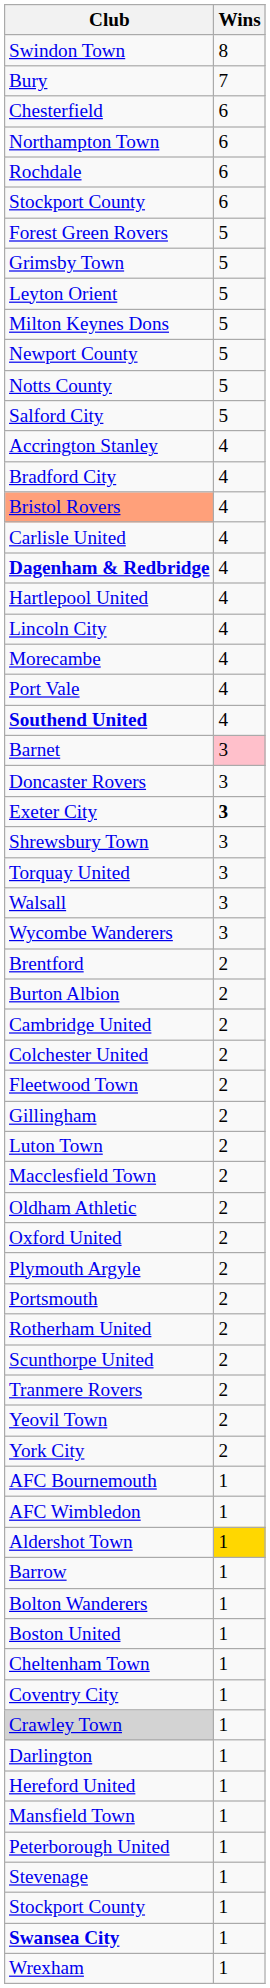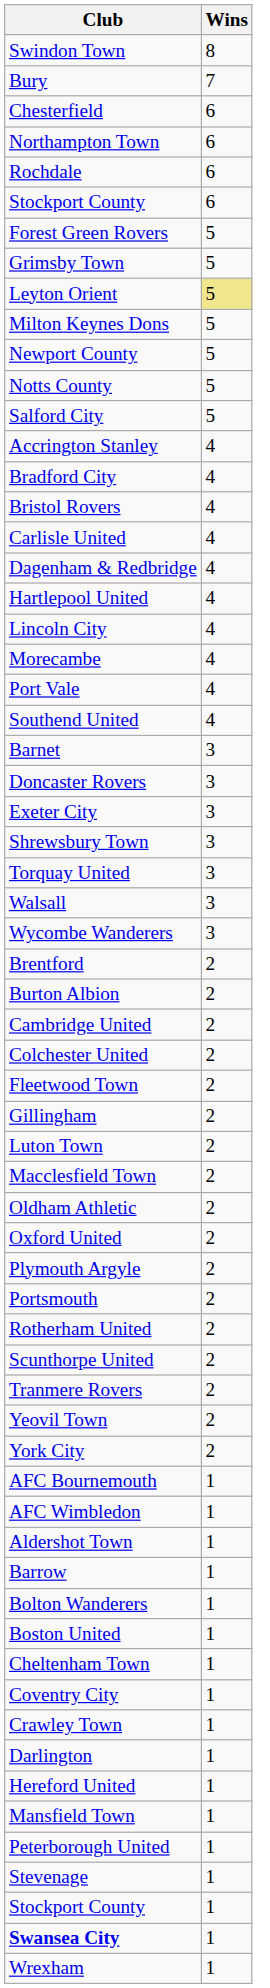 <table class="wikitable sortable" style="border-collapse:collapse">
 <tr>
 <th>Club</th>
 <th data-sort-type=number>Wins</th>
 </tr>
 <tr>
 <td><a href='#'>Swindon Town</a></td>
 <td>8</td>
 </tr>
 <tr>
 <td><a href='#'>Bury</a></td>
 <td>7</td>
 </tr>
 <tr>
 <td><a href='#'>Chesterfield</a></td>
 <td>6</td>
 </tr>
 <tr>
 <td><a href='#'>Northampton Town</a></td>
 <td>6</td>
 </tr>
 <tr>
 <td><a href='#'>Rochdale</a></td>
 <td>6</td>
 </tr>
 <tr>
 <td><a href='#'>Stockport County</a></td>
 <td>6</td>
 </tr>
 <tr>
 <td><a href='#'>Forest Green Rovers</a></td>
 <td>5</td>
 </tr>
 <tr>
 <td><a href='#'>Grimsby Town</a></td>
 <td>5</td>
 </tr>
 <tr>
 <td><a href='#'>Leyton Orient</a></td>
-<td>5</td>
+<td style="background: khaki;">5</td>
 </tr>
 <tr>
 <td><a href='#'>Milton Keynes Dons</a></td>
 <td>5</td>
 </tr>
 <tr>
 <td><a href='#'>Newport County</a></td>
 <td>5</td>
 </tr>
 <tr>
 <td><a href='#'>Notts County</a></td>
 <td>5</td>
 </tr>
 <tr>
 <td><a href='#'>Salford City</a></td>
 <td>5</td>
 </tr>
 <tr>
 <td><a href='#'>Accrington Stanley</a></td>
 <td>4</td>
 </tr>
 <tr>
 <td><a href='#'>Bradford City</a></td>
 <td>4</td>
 </tr>
 <tr>
-<td style="background: lightsalmon;"><a href='#'>Bristol Rovers</a></td>
+<td><a href='#'>Bristol Rovers</a></td>
 <td>4</td>
 </tr>
 <tr>
 <td><a href='#'>Carlisle United</a></td>
 <td>4</td>
 </tr>
 <tr>
-<td><strong><a href='#'>Dagenham & Redbridge</a></strong></td>
+<td><a href='#'>Dagenham & Redbridge</a></td>
 <td>4</td>
 </tr>
 <tr>
 <td><a href='#'>Hartlepool United</a></td>
 <td>4</td>
 </tr>
 <tr>
 <td><a href='#'>Lincoln City</a></td>
 <td>4</td>
 </tr>
 <tr>
 <td><a href='#'>Morecambe</a></td>
 <td>4</td>
 </tr>
 <tr>
 <td><a href='#'>Port Vale</a></td>
 <td>4</td>
 </tr>
 <tr>
-<td><strong><a href='#'>Southend United</a></strong></td>
+<td><a href='#'>Southend United</a></td>
 <td>4</td>
 </tr>
 <tr>
 <td><a href='#'>Barnet</a></td>
-<td style="background: pink;">3</td>
+<td>3</td>
 </tr>
 <tr>
 <td><a href='#'>Doncaster Rovers</a></td>
 <td>3</td>
 </tr>
 <tr>
 <td><a href='#'>Exeter City</a></td>
-<td><strong>3</strong></td>
+<td>3</td>
 </tr>
 <tr>
 <td><a href='#'>Shrewsbury Town</a></td>
 <td>3</td>
 </tr>
 <tr>
 <td><a href='#'>Torquay United</a></td>
 <td>3</td>
 </tr>
 <tr>
 <td><a href='#'>Walsall</a></td>
 <td>3</td>
 </tr>
 <tr>
 <td><a href='#'>Wycombe Wanderers</a></td>
 <td>3</td>
 </tr>
 <tr>
 <td><a href='#'>Brentford</a></td>
 <td>2</td>
 </tr>
 <tr>
 <td><a href='#'>Burton Albion</a></td>
 <td>2</td>
 </tr>
 <tr>
 <td><a href='#'>Cambridge United</a></td>
 <td>2</td>
 </tr>
 <tr>
 <td><a href='#'>Colchester United</a></td>
 <td>2</td>
 </tr>
 <tr>
 <td><a href='#'>Fleetwood Town</a></td>
 <td>2</td>
 </tr>
 <tr>
 <td><a href='#'>Gillingham</a></td>
 <td>2</td>
 </tr>
 <tr>
 <td><a href='#'>Luton Town</a></td>
 <td>2</td>
 </tr>
 <tr>
 <td><a href='#'>Macclesfield Town</a></td>
 <td>2</td>
 </tr>
 <tr>
 <td><a href='#'>Oldham Athletic</a></td>
 <td>2</td>
 </tr>
 <tr>
 <td><a href='#'>Oxford United</a></td>
 <td>2</td>
 </tr>
 <tr>
 <td><a href='#'>Plymouth Argyle</a></td>
 <td>2</td>
 </tr>
 <tr>
 <td><a href='#'>Portsmouth</a></td>
 <td>2</td>
 </tr>
 <tr>
 <td><a href='#'>Rotherham United</a></td>
 <td>2</td>
 </tr>
 <tr>
 <td><a href='#'>Scunthorpe United</a></td>
 <td>2</td>
 </tr>
 <tr>
 <td><a href='#'>Tranmere Rovers</a></td>
 <td>2</td>
 </tr>
 <tr>
 <td><a href='#'>Yeovil Town</a></td>
 <td>2</td>
 </tr>
 <tr>
 <td><a href='#'>York City</a></td>
 <td>2</td>
 </tr>
 <tr>
 <td><a href='#'>AFC Bournemouth</a></td>
 <td>1</td>
 </tr>
 <tr>
 <td><a href='#'>AFC Wimbledon</a></td>
 <td>1</td>
 </tr>
 <tr>
 <td><a href='#'>Aldershot Town</a></td>
-<td style="background: gold;">1</td>
+<td>1</td>
 </tr>
 <tr>
 <td><a href='#'>Barrow</a></td>
 <td>1</td>
 </tr>
 <tr>
 <td><a href='#'>Bolton Wanderers</a></td>
 <td>1</td>
 </tr>
 <tr>
 <td><a href='#'>Boston United</a></td>
 <td>1</td>
 </tr>
 <tr>
 <td><a href='#'>Cheltenham Town</a></td>
 <td>1</td>
 </tr>
 <tr>
 <td><a href='#'>Coventry City</a></td>
 <td>1</td>
 </tr>
 <tr>
-<td style="background: lightgrey;"><a href='#'>Crawley Town</a></td>
+<td><a href='#'>Crawley Town</a></td>
 <td>1</td>
 </tr>
 <tr>
 <td><a href='#'>Darlington</a></td>
 <td>1</td>
 </tr>
 <tr>
 <td><a href='#'>Hereford United</a></td>
 <td>1</td>
 </tr>
 <tr>
 <td><a href='#'>Mansfield Town</a></td>
 <td>1</td>
 </tr>
 <tr>
 <td><a href='#'>Peterborough United</a></td>
 <td>1</td>
 </tr>
 <tr>
 <td><a href='#'>Stevenage</a></td>
 <td>1</td>
 </tr>
 <tr>
 <td><a href='#'>Stockport County</a></td>
 <td>1</td>
 </tr>
 <tr>
 <td><strong><a href='#'>Swansea City</a></strong></td>
 <td>1</td>
 </tr>
 <tr>
 <td><a href='#'>Wrexham</a></td>
 <td>1</td>
 </tr>
 </table>
